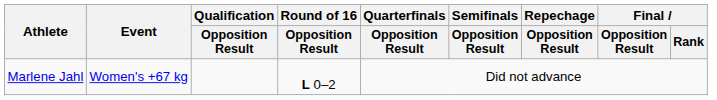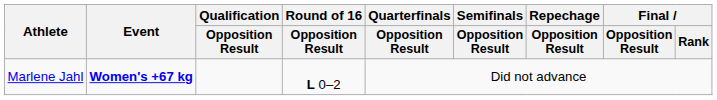 <table class=wikitable style=font-size:90%;text-align:center>
 <tr>
 <th rowspan=2>Athlete</th>
 <th rowspan=2>Event</th>
 <th>Qualification</th>
 <th>Round of 16</th>
 <th>Quarterfinals</th>
 <th>Semifinals</th>
 <th>Repechage</th>
 <th colspan=2>Final / </th>
 </tr>
 <tr style=font-size:95%>
 <th>Opposition<br>Result</th>
 <th>Opposition<br>Result</th>
 <th>Opposition<br>Result</th>
 <th>Opposition<br>Result</th>
 <th>Opposition<br>Result</th>
 <th>Opposition<br>Result</th>
 <th>Rank</th>
 </tr>
 <tr>
 <td align=left><a href='#'>Marlene Jahl</a></td>
-<td align=left><a href='#'>Women's +67 kg</a></td>
+<td align=left><strong><a href='#'>Women's +67 kg</a></strong></td>
 <td></td>
 <td><br><strong>L</strong> 0–2</td>
 <td colspan=5>Did not advance</td>
 </tr>
 </table>
